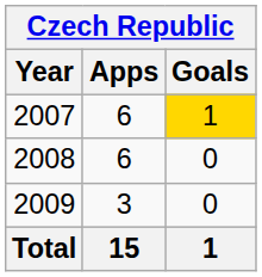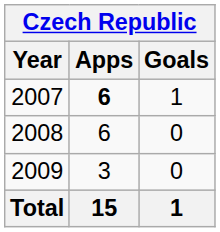 <table class="wikitable" style="text-align:center">
 <tr>
 <th colspan=3><a href='#'>Czech Republic</a></th>
 </tr>
 <tr>
 <th>Year</th>
 <th>Apps</th>
 <th>Goals</th>
 </tr>
 <tr>
 <td>2007</td>
-<td>6</td>
-<td style="background: gold;">1</td>
+<td><strong>6</strong></td>
+<td>1</td>
 </tr>
 <tr>
 <td>2008</td>
 <td>6</td>
 <td>0</td>
 </tr>
 <tr>
 <td>2009</td>
 <td>3</td>
 <td>0</td>
 </tr>
 <tr>
 <th>Total</th>
 <th>15</th>
 <th>1</th>
 </tr>
 </table>
